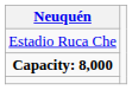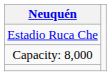 <table class="wikitable" style="text-align:center">
 <tr>
 <th><a href='#'>Neuquén</a></th>
 <td rowspan=4></td>
 </tr>
 <tr>
 <td><a href='#'>Estadio Ruca Che</a></td>
 </tr>
 <tr>
-<td><strong>Capacity: 8,000</strong></td>
+<td>Capacity: 8,000</td>
 </tr>
 <tr>
 <td></td>
 </tr>
 </table>
